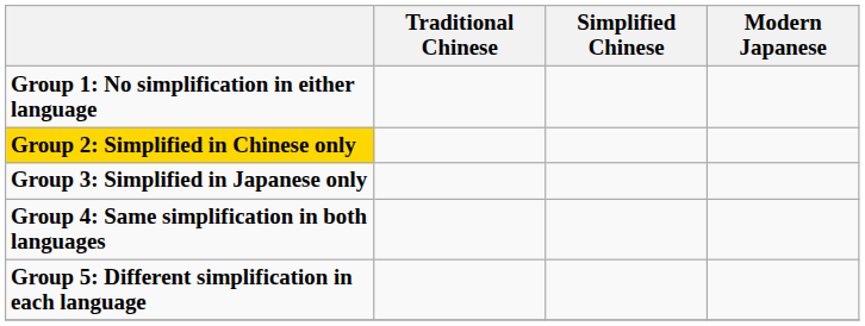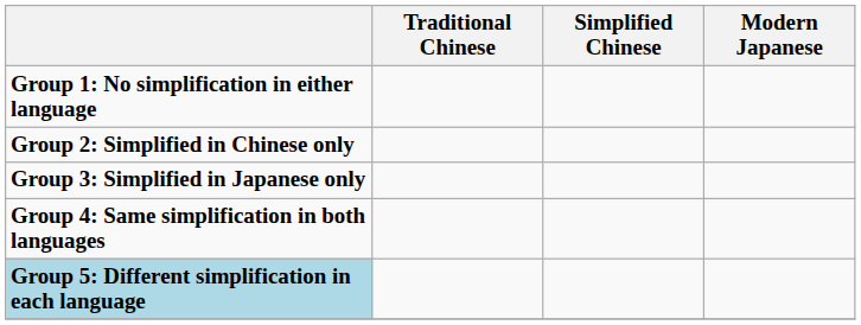 <table class="wikitable" |>
 <tr>
 <th></th>
 <th>Traditional Chinese</th>
 <th>Simplified Chinese</th>
 <th>Modern Japanese</th>
 </tr>
 <tr>
 <td><strong>Group 1: No simplification in either language</strong></td>
 <td style="font-size: 200%;"></td>
 <td style="font-size: 200%;"></td>
 <td style="font-size: 200%;"></td>
 </tr>
 <tr>
-<td style="background: gold;"><strong>Group 2: Simplified in Chinese only</strong></td>
+<td><strong>Group 2: Simplified in Chinese only</strong></td>
 <td style="font-size: 200%;"></td>
 <td style="font-size: 200%;"></td>
 <td style="font-size: 200%;"></td>
 </tr>
 <tr>
 <td><strong>Group 3: Simplified in Japanese only</strong></td>
 <td style="font-size: 200%;"></td>
 <td style="font-size: 200%;"></td>
 <td style="font-size: 200%;"></td>
 </tr>
 <tr>
 <td><strong>Group 4: Same simplification in both languages</strong></td>
 <td style="font-size: 200%;"></td>
 <td style="font-size: 200%;"></td>
 <td style="font-size: 200%;"></td>
 </tr>
 <tr>
-<td><strong>Group 5: Different simplification in each language</strong></td>
+<td style="background: lightblue;"><strong>Group 5: Different simplification in each language</strong></td>
 <td style="font-size: 200%;"></td>
 <td style="font-size: 200%;"></td>
 <td style="font-size: 200%;"></td>
 </tr>
 <tr>
 </tr>
 </table>
